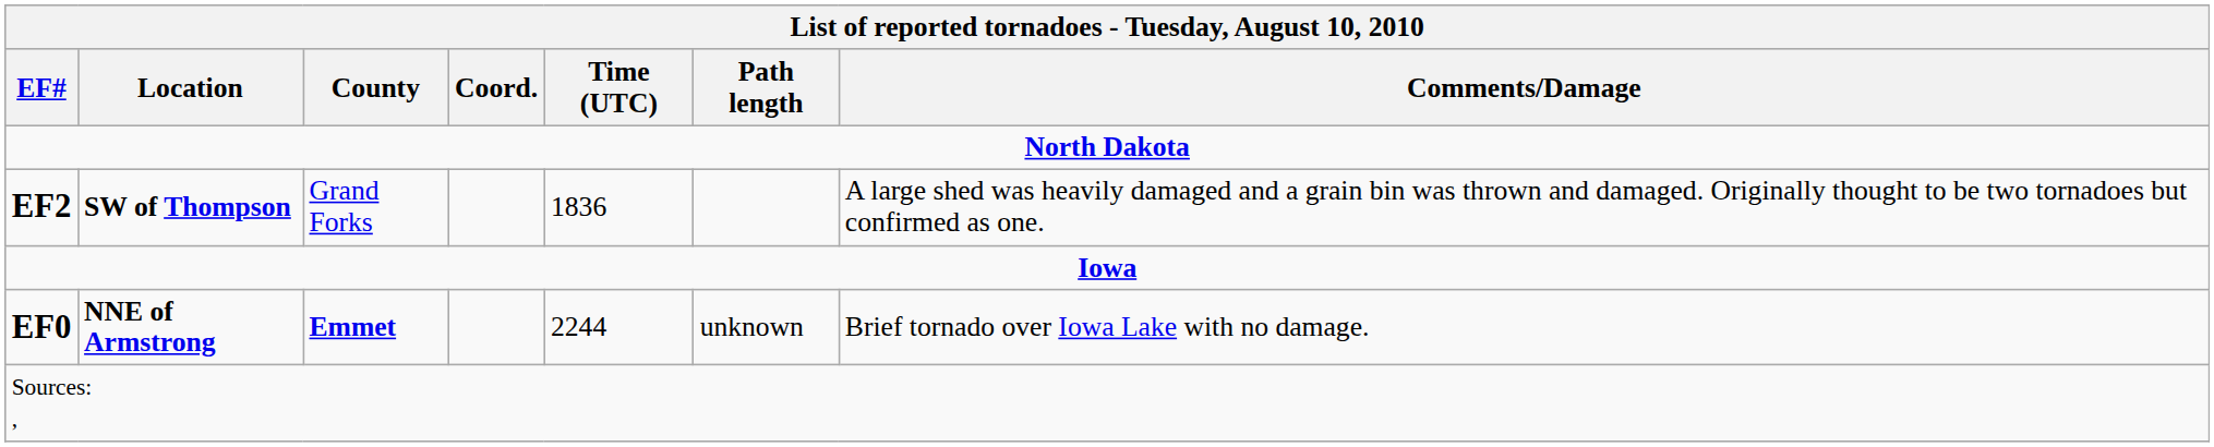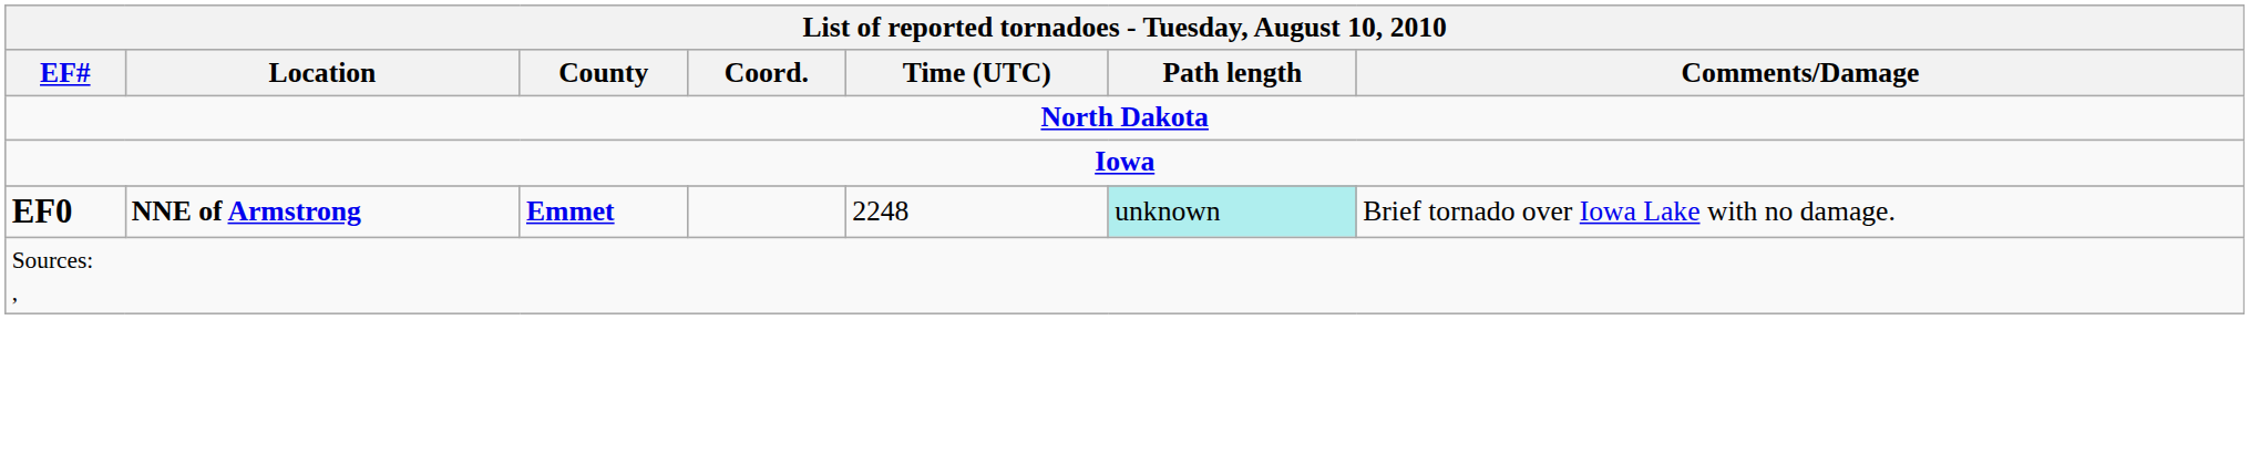 <table class="wikitable collapsible" width="100%">
 <tr>
 <th colspan="7">List of reported tornadoes - Tuesday, August 10, 2010</th>
 </tr>
 <tr>
 <th><a href='#'>EF#</a></th>
 <th>Location</th>
 <th>County</th>
 <th>Coord.</th>
 <th>Time (UTC)</th>
 <th>Path length</th>
 <th>Comments/Damage</th>
 </tr>
 <tr>
 <td colspan="7" align=center><strong><a href='#'>North Dakota</a></strong></td>
 </tr>
 <tr>
-<td><big><strong>EF2</strong></big></td>
-<td><strong>SW of <a href='#'>Thompson</a></strong></td>
-<td><a href='#'>Grand Forks</a></td>
-<td></td>
-<td>1836</td>
-<td></td>
-<td>A large shed was heavily damaged and a grain bin was thrown and damaged. Originally thought to be two tornadoes but confirmed as one.</td>
-</tr>
-<tr>
 <td colspan="7" align=center><strong><a href='#'>Iowa</a></strong></td>
 </tr>
 <tr>
 <td><big><strong>EF0</strong></big></td>
 <td><strong>NNE of <a href='#'>Armstrong</a></strong></td>
 <td><strong><a href='#'>Emmet</a></strong></td>
 <td></td>
-<td>2244</td>
-<td>unknown</td>
+<td>2248</td>
+<td style="background: paleturquoise;">unknown</td>
 <td>Brief tornado over <a href='#'>Iowa Lake</a> with no damage.</td>
 </tr>
 <tr>
 <td colspan="7"><small>Sources:<br>, </small></td>
 </tr>
 </table>
